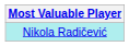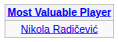 <table class=wikitable style="text-align:center; margin:auto">
 <tr>
 <th><a href='#'>Most Valuable Player</a></th>
 </tr>
 <tr>
-<td style="background: paleturquoise;"> <a href='#'>Nikola Radičević</a></td>
+<td> <a href='#'>Nikola Radičević</a></td>
 </tr>
 </table>
